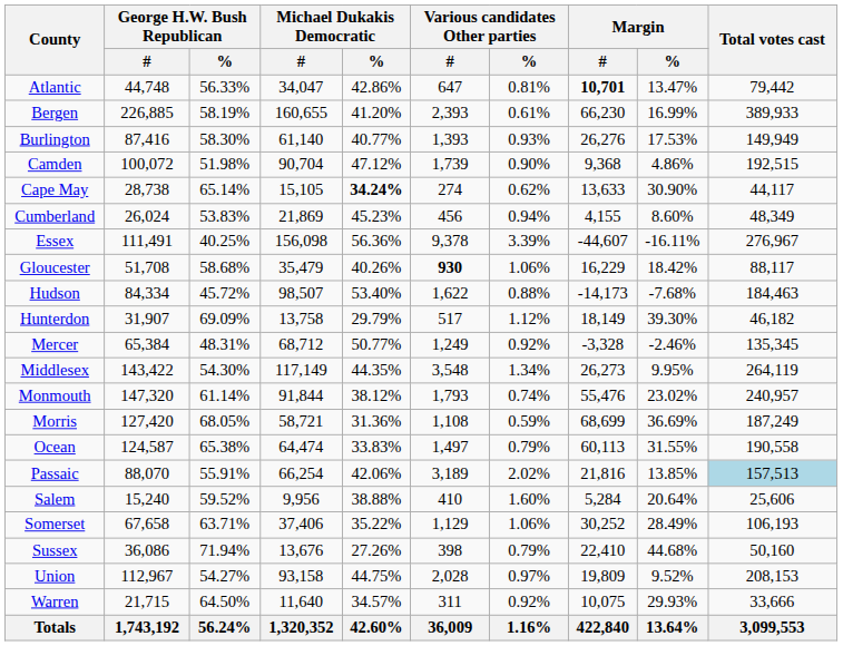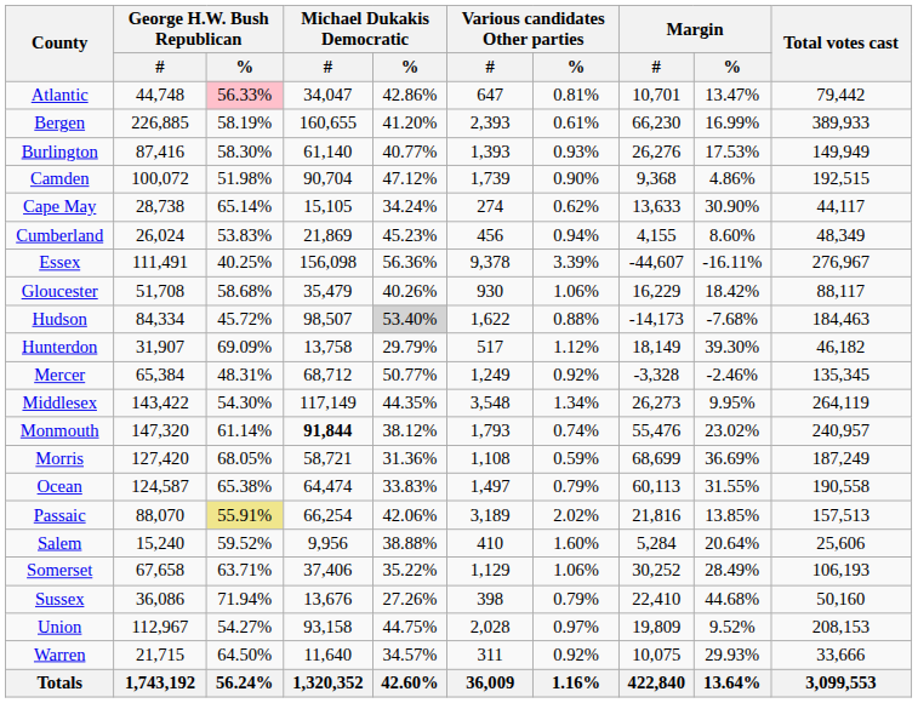 <table width="65%"  class="wikitable sortable" style="text-align:center">
 <tr>
 <th style="text-align:center;" rowspan="2">County</th>
 <th style="text-align:center;" colspan="2">George H.W. Bush<br>Republican</th>
 <th style="text-align:center;" colspan="2">Michael Dukakis<br>Democratic</th>
 <th style="text-align:center;" colspan="2">Various candidates<br>Other parties</th>
 <th style="text-align:center;" colspan="2">Margin</th>
 <th style="text-align:center;" rowspan="2">Total votes cast</th>
 </tr>
 <tr>
 <th style="text-align:center;" data-sort-type="number">#</th>
 <th style="text-align:center;" data-sort-type="number">%</th>
 <th style="text-align:center;" data-sort-type="number">#</th>
 <th style="text-align:center;" data-sort-type="number">%</th>
 <th style="text-align:center;" data-sort-type="number">#</th>
 <th style="text-align:center;" data-sort-type="number">%</th>
 <th style="text-align:center;" data-sort-type="number">#</th>
 <th style="text-align:center;" data-sort-type="number">%</th>
 </tr>
 <tr style="text-align:center;">
 <td><a href='#'>Atlantic</a></td>
 <td>44,748</td>
-<td>56.33%</td>
+<td style="background: pink;">56.33%</td>
 <td>34,047</td>
 <td>42.86%</td>
 <td>647</td>
 <td>0.81%</td>
-<td><strong>10,701</strong></td>
+<td>10,701</td>
 <td>13.47%</td>
 <td>79,442</td>
 </tr>
 <tr style="text-align:center;">
 <td><a href='#'>Bergen</a></td>
 <td>226,885</td>
 <td>58.19%</td>
 <td>160,655</td>
 <td>41.20%</td>
 <td>2,393</td>
 <td>0.61%</td>
 <td>66,230</td>
 <td>16.99%</td>
 <td>389,933</td>
 </tr>
 <tr style="text-align:center;">
 <td><a href='#'>Burlington</a></td>
 <td>87,416</td>
 <td>58.30%</td>
 <td>61,140</td>
 <td>40.77%</td>
 <td>1,393</td>
 <td>0.93%</td>
 <td>26,276</td>
 <td>17.53%</td>
 <td>149,949</td>
 </tr>
 <tr style="text-align:center;">
 <td><a href='#'>Camden</a></td>
 <td>100,072</td>
 <td>51.98%</td>
 <td>90,704</td>
 <td>47.12%</td>
 <td>1,739</td>
 <td>0.90%</td>
 <td>9,368</td>
 <td>4.86%</td>
 <td>192,515</td>
 </tr>
 <tr style="text-align:center;">
 <td><a href='#'>Cape May</a></td>
 <td>28,738</td>
 <td>65.14%</td>
 <td>15,105</td>
-<td><strong>34.24%</strong></td>
+<td>34.24%</td>
 <td>274</td>
 <td>0.62%</td>
 <td>13,633</td>
 <td>30.90%</td>
 <td>44,117</td>
 </tr>
 <tr style="text-align:center;">
 <td><a href='#'>Cumberland</a></td>
 <td>26,024</td>
 <td>53.83%</td>
 <td>21,869</td>
 <td>45.23%</td>
 <td>456</td>
 <td>0.94%</td>
 <td>4,155</td>
 <td>8.60%</td>
 <td>48,349</td>
 </tr>
 <tr style="text-align:center;">
 <td><a href='#'>Essex</a></td>
 <td>111,491</td>
 <td>40.25%</td>
 <td>156,098</td>
 <td>56.36%</td>
 <td>9,378</td>
 <td>3.39%</td>
 <td>-44,607</td>
 <td>-16.11%</td>
 <td>276,967</td>
 </tr>
 <tr style="text-align:center;">
 <td><a href='#'>Gloucester</a></td>
 <td>51,708</td>
 <td>58.68%</td>
 <td>35,479</td>
 <td>40.26%</td>
-<td><strong>930</strong></td>
+<td>930</td>
 <td>1.06%</td>
 <td>16,229</td>
 <td>18.42%</td>
 <td>88,117</td>
 </tr>
 <tr style="text-align:center;">
 <td><a href='#'>Hudson</a></td>
 <td>84,334</td>
 <td>45.72%</td>
 <td>98,507</td>
-<td>53.40%</td>
+<td style="background: lightgrey;">53.40%</td>
 <td>1,622</td>
 <td>0.88%</td>
 <td>-14,173</td>
 <td>-7.68%</td>
 <td>184,463</td>
 </tr>
 <tr style="text-align:center;">
 <td><a href='#'>Hunterdon</a></td>
 <td>31,907</td>
 <td>69.09%</td>
 <td>13,758</td>
 <td>29.79%</td>
 <td>517</td>
 <td>1.12%</td>
 <td>18,149</td>
 <td>39.30%</td>
 <td>46,182</td>
 </tr>
 <tr style="text-align:center;">
 <td><a href='#'>Mercer</a></td>
 <td>65,384</td>
 <td>48.31%</td>
 <td>68,712</td>
 <td>50.77%</td>
 <td>1,249</td>
 <td>0.92%</td>
 <td>-3,328</td>
 <td>-2.46%</td>
 <td>135,345</td>
 </tr>
 <tr style="text-align:center;">
 <td><a href='#'>Middlesex</a></td>
 <td>143,422</td>
 <td>54.30%</td>
 <td>117,149</td>
 <td>44.35%</td>
 <td>3,548</td>
 <td>1.34%</td>
 <td>26,273</td>
 <td>9.95%</td>
 <td>264,119</td>
 </tr>
 <tr style="text-align:center;">
 <td><a href='#'>Monmouth</a></td>
 <td>147,320</td>
 <td>61.14%</td>
-<td>91,844</td>
+<td><strong>91,844</strong></td>
 <td>38.12%</td>
 <td>1,793</td>
 <td>0.74%</td>
 <td>55,476</td>
 <td>23.02%</td>
 <td>240,957</td>
 </tr>
 <tr style="text-align:center;">
 <td><a href='#'>Morris</a></td>
 <td>127,420</td>
 <td>68.05%</td>
 <td>58,721</td>
 <td>31.36%</td>
 <td>1,108</td>
 <td>0.59%</td>
 <td>68,699</td>
 <td>36.69%</td>
 <td>187,249</td>
 </tr>
 <tr style="text-align:center;">
 <td><a href='#'>Ocean</a></td>
 <td>124,587</td>
 <td>65.38%</td>
 <td>64,474</td>
 <td>33.83%</td>
 <td>1,497</td>
 <td>0.79%</td>
 <td>60,113</td>
 <td>31.55%</td>
 <td>190,558</td>
 </tr>
 <tr style="text-align:center;">
 <td><a href='#'>Passaic</a></td>
 <td>88,070</td>
-<td>55.91%</td>
+<td style="background: khaki;">55.91%</td>
 <td>66,254</td>
 <td>42.06%</td>
 <td>3,189</td>
 <td>2.02%</td>
 <td>21,816</td>
 <td>13.85%</td>
-<td style="background: lightblue;">157,513</td>
+<td>157,513</td>
 </tr>
 <tr style="text-align:center;">
 <td><a href='#'>Salem</a></td>
 <td>15,240</td>
 <td>59.52%</td>
 <td>9,956</td>
 <td>38.88%</td>
 <td>410</td>
 <td>1.60%</td>
 <td>5,284</td>
 <td>20.64%</td>
 <td>25,606</td>
 </tr>
 <tr style="text-align:center;">
 <td><a href='#'>Somerset</a></td>
 <td>67,658</td>
 <td>63.71%</td>
 <td>37,406</td>
 <td>35.22%</td>
 <td>1,129</td>
 <td>1.06%</td>
 <td>30,252</td>
 <td>28.49%</td>
 <td>106,193</td>
 </tr>
 <tr style="text-align:center;">
 <td><a href='#'>Sussex</a></td>
 <td>36,086</td>
 <td>71.94%</td>
 <td>13,676</td>
 <td>27.26%</td>
 <td>398</td>
 <td>0.79%</td>
 <td>22,410</td>
 <td>44.68%</td>
 <td>50,160</td>
 </tr>
 <tr style="text-align:center;">
 <td><a href='#'>Union</a></td>
 <td>112,967</td>
 <td>54.27%</td>
 <td>93,158</td>
 <td>44.75%</td>
 <td>2,028</td>
 <td>0.97%</td>
 <td>19,809</td>
 <td>9.52%</td>
 <td>208,153</td>
 </tr>
 <tr style="text-align:center;">
 <td><a href='#'>Warren</a></td>
 <td>21,715</td>
 <td>64.50%</td>
 <td>11,640</td>
 <td>34.57%</td>
 <td>311</td>
 <td>0.92%</td>
 <td>10,075</td>
 <td>29.93%</td>
 <td>33,666</td>
 </tr>
 <tr style="text-align:center;">
 <th>Totals</th>
 <th>1,743,192</th>
 <th>56.24%</th>
 <th>1,320,352</th>
 <th>42.60%</th>
 <th>36,009</th>
 <th>1.16%</th>
 <th>422,840</th>
 <th>13.64%</th>
 <th>3,099,553</th>
 </tr>
 </table>
